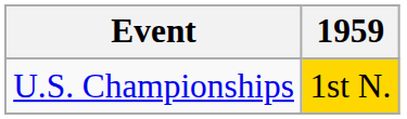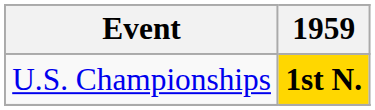 <table class="wikitable">
 <tr>
 <th>Event</th>
 <th>1959</th>
 </tr>
 <tr>
 <td><a href='#'>U.S. Championships</a></td>
-<td align="center" bgcolor="gold">1st N.</td>
+<td align="center" bgcolor="gold"><strong>1st N.</strong></td>
 </tr>
 <tr>
 </tr>
 </table>
